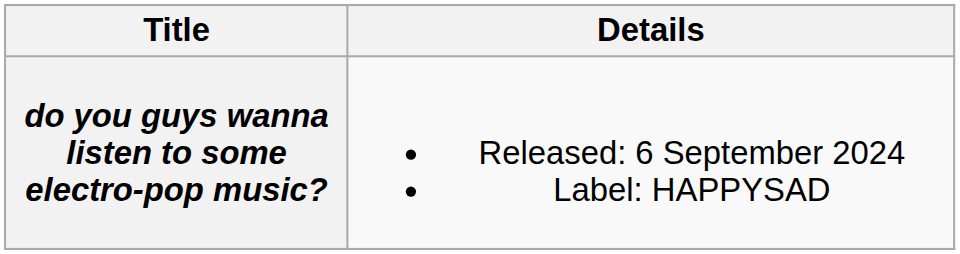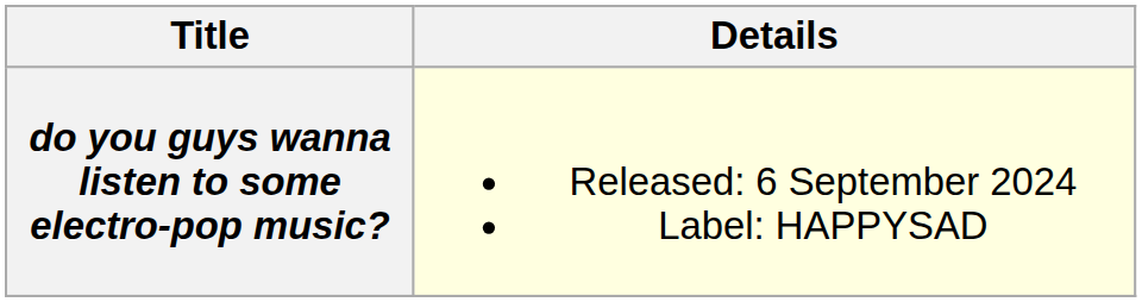 <table class="wikitable plainrowheaders" style="text-align:center;">
 <tr>
 <th scope="col" style="width:10em;">Title</th>
 <th scope="col" style="width:18em;">Details</th>
 </tr>
 <tr>
 <th scope="row"><em>do you guys wanna listen to some electro-pop music?</em></th>
-<td><br><ul><li>Released: 6 September 2024</li><li>Label: HAPPYSAD</li></ul></td>
+<td style="background: lightyellow;"><br><ul><li>Released: 6 September 2024</li><li>Label: HAPPYSAD</li></ul></td>
 </tr>
 <tr>
 </tr>
 </table>
